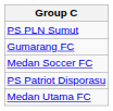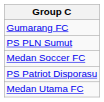 <table class="wikitable">
 <tr>
 <th><strong>Group C</strong></th>
 </tr>
 <tr>
-<td><a href='#'>PS PLN Sumut</a></td>
+<td><a href='#'>Gumarang FC</a></td>
 </tr>
 <tr>
-<td><a href='#'>Gumarang FC</a></td>
+<td><a href='#'>PS PLN Sumut</a></td>
 </tr>
 <tr>
 <td><a href='#'>Medan Soccer FC</a></td>
 </tr>
 <tr>
 <td><a href='#'>PS Patriot Disporasu</a></td>
 </tr>
 <tr>
 <td><a href='#'>Medan Utama FC</a></td>
 </tr>
 </table>
